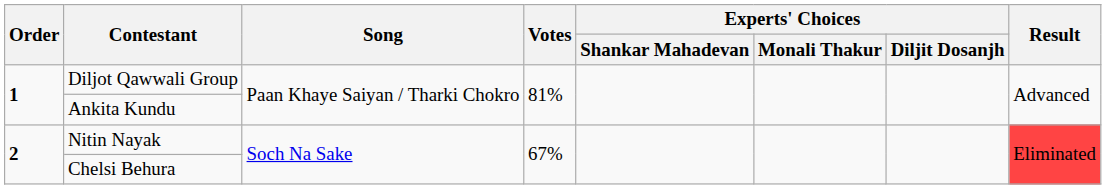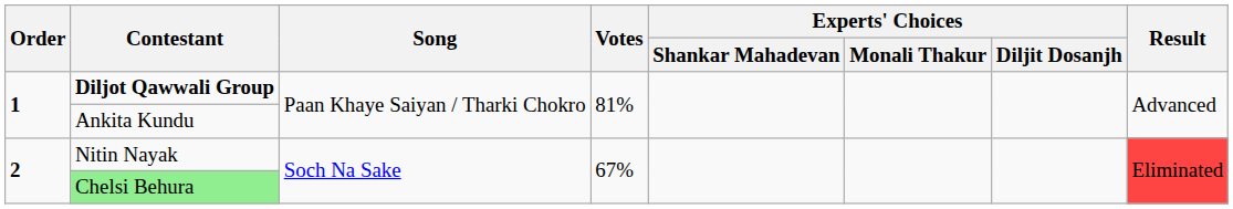 <table class="wikitable sortable mw-collapsible">
 <tr>
 <th rowspan="2">Order</th>
 <th rowspan="2">Contestant</th>
 <th rowspan="2">Song</th>
 <th rowspan="2">Votes</th>
 <th colspan="3">Experts' Choices</th>
 <th rowspan="2">Result</th>
 </tr>
 <tr>
 <th>Shankar Mahadevan</th>
 <th>Monali Thakur</th>
 <th>Diljit Dosanjh</th>
 </tr>
 <tr>
 <td rowspan="2"><strong>1</strong></td>
-<td>Diljot Qawwali Group</td>
+<td><strong>Diljot Qawwali Group</strong></td>
 <td rowspan="2">Paan Khaye Saiyan / Tharki Chokro</td>
 <td rowspan="2">81%</td>
 <td rowspan="2"></td>
 <td rowspan="2"></td>
 <td rowspan="2"></td>
 <td rowspan="2">Advanced</td>
 </tr>
 <tr>
 <td>Ankita Kundu</td>
 </tr>
 <tr>
 <td rowspan="2"><strong>2</strong></td>
 <td>Nitin Nayak</td>
 <td rowspan="2"><a href='#'>Soch Na Sake</a></td>
 <td rowspan="2">67%</td>
 <td rowspan="2"></td>
 <td rowspan="2"></td>
 <td rowspan="2"></td>
 <td rowspan="2" bgcolor="#ff4444">Eliminated</td>
 </tr>
 <tr>
-<td>Chelsi Behura</td>
+<td style="background: lightgreen;">Chelsi Behura</td>
 </tr>
 </table>
